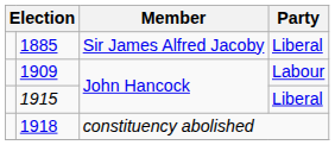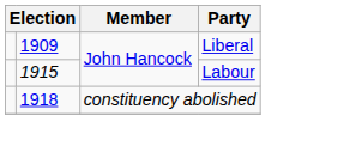 <table class="wikitable">
 <tr>
 <th colspan="2">Election</th>
 <th>Member</th>
 <th>Party</th>
 </tr>
 <tr>
 <td style="color:inherit;background-color: "></td>
-<td><a href='#'>1885</a></td>
-<td><a href='#'>Sir James Alfred Jacoby</a></td>
+<td><a href='#'>1909</a> </td>
+<td rowspan="2"><a href='#'>John Hancock</a></td>
 <td><a href='#'>Liberal</a></td>
 </tr>
 <tr>
 <td style="color:inherit;background-color: "></td>
-<td><a href='#'>1909</a> </td>
-<td rowspan="2"><a href='#'>John Hancock</a></td>
+<td><em>1915</em> </td>
 <td><a href='#'>Labour</a></td>
-</tr>
-<tr>
-<td style="color:inherit;background-color: "></td>
-<td><em>1915</em> </td>
-<td><a href='#'>Liberal</a></td>
 </tr>
 <tr>
 <td></td>
 <td><a href='#'>1918</a></td>
 <td colspan="2"><em>constituency abolished</em></td>
 </tr>
 <tr>
 </tr>
 </table>
